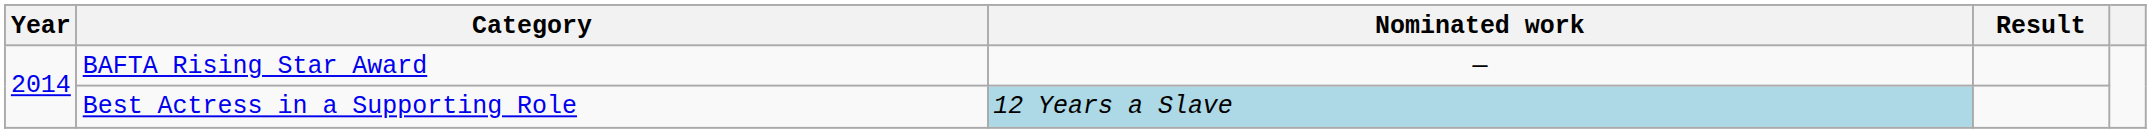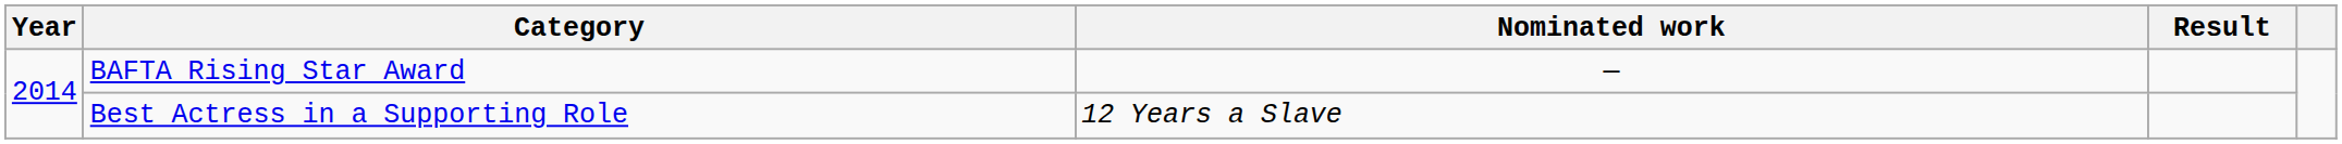 <table class=wikitable>
 <tr>
 <th scope="col" style="width:1em;">Year</th>
 <th scope="col" style="width:36em;">Category</th>
 <th scope="col" style="width:39em;">Nominated work</th>
 <th scope="col" style="width:5em;">Result</th>
 <th scope="col" style="width:1em;"></th>
 </tr>
 <tr>
 <td rowspan="2"><a href='#'>2014</a></td>
 <td><a href='#'>BAFTA Rising Star Award</a></td>
 <td align=center>—</td>
 <td></td>
 <td rowspan="2"></td>
 </tr>
 <tr>
 <td><a href='#'>Best Actress in a Supporting Role</a></td>
-<td style="background: lightblue;"><em>12 Years a Slave</em></td>
+<td><em>12 Years a Slave</em></td>
 <td></td>
 </tr>
 </table>
